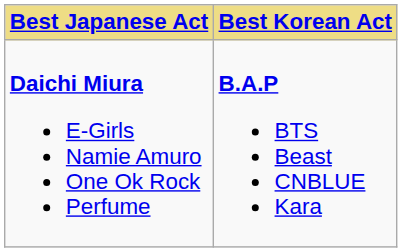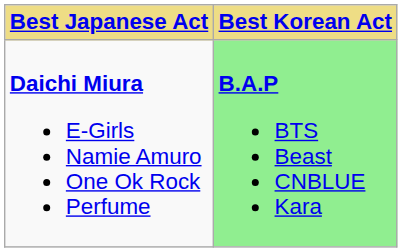 <table class=wikitable style="width=100%">
 <tr>
 <th style="background:#EEDD85; width=50%"><a href='#'>Best Japanese Act</a></th>
 <th style="background:#EEDD85; width=50%"><a href='#'>Best Korean Act</a></th>
 </tr>
 <tr>
 <td valign="top"><br><strong><a href='#'>Daichi Miura</a></strong><ul><li><a href='#'>E-Girls</a></li><li><a href='#'>Namie Amuro</a></li><li><a href='#'>One Ok Rock</a></li><li><a href='#'>Perfume</a></li></ul></td>
-<td valign="top"><br><strong><a href='#'>B.A.P</a></strong><ul><li><a href='#'>BTS</a></li><li><a href='#'>Beast</a></li><li><a href='#'>CNBLUE</a></li><li><a href='#'>Kara</a></li></ul></td>
+<td valign="top" style="background: lightgreen;"><br><strong><a href='#'>B.A.P</a></strong><ul><li><a href='#'>BTS</a></li><li><a href='#'>Beast</a></li><li><a href='#'>CNBLUE</a></li><li><a href='#'>Kara</a></li></ul></td>
 </tr>
 </table>
